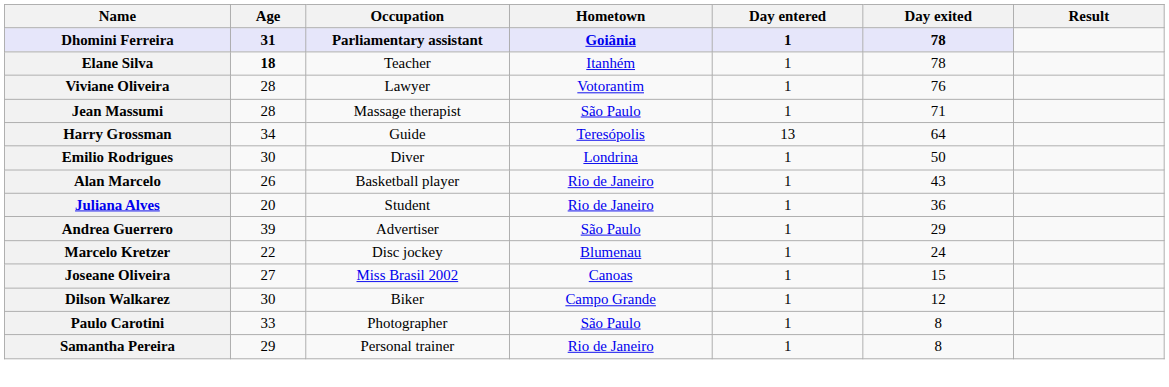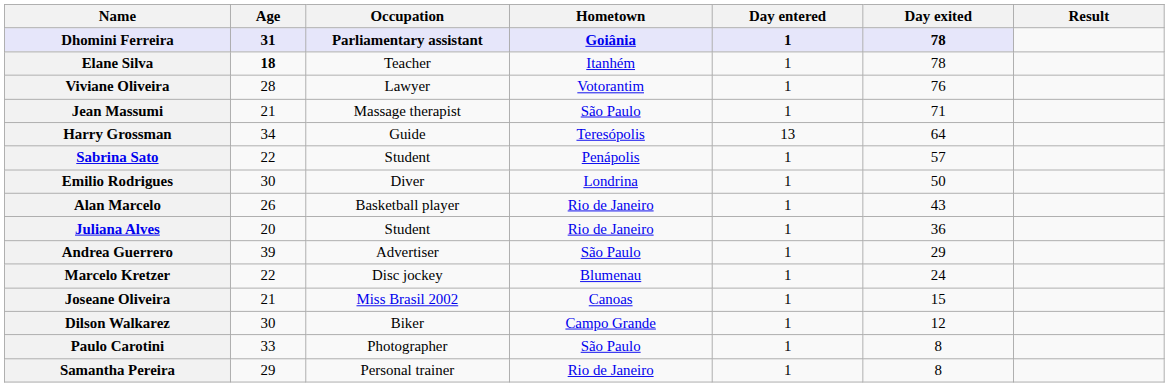 <table class="wikitable sortable" style="text-align:center;">
 <tr>
 <th scope="col" width="15.0%">Name</th>
 <th scope="col" width="05.0%">Age</th>
 <th scope="col" width="13.5%">Occupation</th>
 <th scope="col" width="13.5%">Hometown</th>
 <th scope="col" width="10.0%">Day entered</th>
 <th scope="col" width="10.0%">Day exited</th>
 <th scope="col" width="10.0%">Result</th>
 </tr>
 <tr>
 <td bgcolor="E6E6FA"><strong>Dhomini Ferreira</strong></td>
 <td bgcolor="E6E6FA"><strong>31</strong></td>
 <td bgcolor="E6E6FA"><strong>Parliamentary assistant</strong></td>
 <td bgcolor="E6E6FA"><strong><a href='#'>Goiânia</a></strong></td>
 <td bgcolor="E6E6FA"><strong>1</strong></td>
 <td bgcolor="E6E6FA"><strong>78</strong></td>
 <td></td>
 </tr>
 <tr>
 <th>Elane Silva</th>
 <td><strong>18</strong></td>
 <td>Teacher</td>
 <td><a href='#'>Itanhém</a></td>
 <td>1</td>
 <td>78</td>
 <td></td>
 </tr>
 <tr>
 <th>Viviane Oliveira</th>
 <td>28</td>
 <td>Lawyer</td>
 <td><a href='#'>Votorantim</a></td>
 <td>1</td>
 <td>76</td>
 <td></td>
 </tr>
 <tr>
 <th>Jean Massumi</th>
-<td>28</td>
+<td>21</td>
 <td>Massage therapist</td>
 <td><a href='#'>São Paulo</a></td>
 <td>1</td>
 <td>71</td>
 <td></td>
 </tr>
 <tr>
 <th>Harry Grossman</th>
 <td>34</td>
 <td>Guide</td>
 <td><a href='#'>Teresópolis</a></td>
 <td>13</td>
 <td>64</td>
+<td></td>
+</tr>
+<tr>
+<th><a href='#'>Sabrina Sato</a></th>
+<td>22</td>
+<td>Student</td>
+<td><a href='#'>Penápolis</a></td>
+<td>1</td>
+<td>57</td>
 <td></td>
 </tr>
 <tr>
 <th>Emilio Rodrigues</th>
 <td>30</td>
 <td>Diver</td>
 <td><a href='#'>Londrina</a></td>
 <td>1</td>
 <td>50</td>
 <td></td>
 </tr>
 <tr>
 <th>Alan Marcelo</th>
 <td>26</td>
 <td>Basketball player</td>
 <td><a href='#'>Rio de Janeiro</a></td>
 <td>1</td>
 <td>43</td>
 <td></td>
 </tr>
 <tr>
 <th><a href='#'>Juliana Alves</a></th>
 <td>20</td>
 <td>Student</td>
 <td><a href='#'>Rio de Janeiro</a></td>
 <td>1</td>
 <td>36</td>
 <td></td>
 </tr>
 <tr>
 <th>Andrea Guerrero</th>
 <td>39</td>
 <td>Advertiser</td>
 <td><a href='#'>São Paulo</a></td>
 <td>1</td>
 <td>29</td>
 <td></td>
 </tr>
 <tr>
 <th>Marcelo Kretzer</th>
 <td>22</td>
 <td>Disc jockey</td>
 <td><a href='#'>Blumenau</a></td>
 <td>1</td>
 <td>24</td>
 <td></td>
 </tr>
 <tr>
 <th>Joseane Oliveira</th>
-<td>27</td>
+<td>21</td>
 <td><a href='#'>Miss Brasil 2002</a></td>
 <td><a href='#'>Canoas</a></td>
 <td>1</td>
 <td>15</td>
 <td></td>
 </tr>
 <tr>
 <th>Dilson Walkarez</th>
 <td>30</td>
 <td>Biker</td>
 <td><a href='#'>Campo Grande</a></td>
 <td>1</td>
 <td>12</td>
 <td></td>
 </tr>
 <tr>
 <th>Paulo Carotini</th>
 <td>33</td>
 <td>Photographer</td>
 <td><a href='#'>São Paulo</a></td>
 <td>1</td>
 <td>8</td>
 <td></td>
 </tr>
 <tr>
 <th>Samantha Pereira</th>
 <td>29</td>
 <td>Personal trainer</td>
 <td><a href='#'>Rio de Janeiro</a></td>
 <td>1</td>
 <td>8</td>
 <td></td>
 </tr>
 </table>
